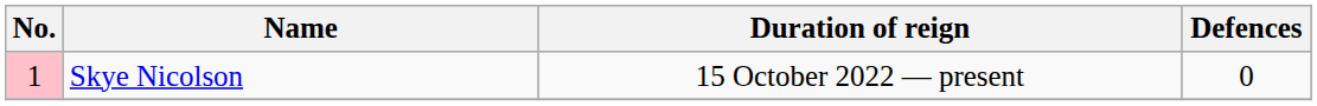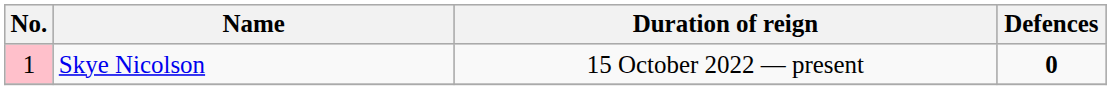 <table class="wikitable" width=80%>
 <tr>
 <th width=3%>No.</th>
 <th width=37%>Name</th>
 <th width=50%>Duration of reign</th>
 <th width=10%>Defences<br></th>
 </tr>
 <tr align=center>
 <td style="background: pink;">1</td>
 <td align=left> <a href='#'>Skye Nicolson</a></td>
 <td>15 October 2022 — present</td>
-<td>0</td>
+<td><strong>0</strong></td>
 </tr>
 <tr align=center>
 </tr>
 </table>
